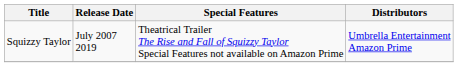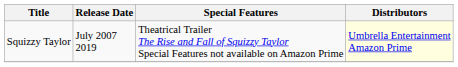 <table class="wikitable">
 <tr>
 <th>Title</th>
 <th>Release Date</th>
 <th>Special Features</th>
 <th>Distributors</th>
 </tr>
 <tr>
 <td>Squizzy Taylor</td>
 <td>July 2007<br>2019</td>
 <td>Theatrical Trailer<br><em><a href='#'>The Rise and Fall of Squizzy Taylor</a></em><br>Special Features not available on Amazon Prime</td>
-<td><a href='#'>Umbrella Entertainment</a><br><a href='#'>Amazon Prime</a></td>
+<td style="background: lightyellow;"><a href='#'>Umbrella Entertainment</a><br><a href='#'>Amazon Prime</a></td>
 </tr>
 <tr>
 </tr>
 </table>
